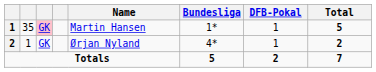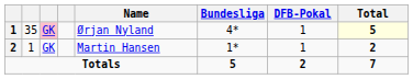 <table class="wikitable" style="text-align:center">
 <tr>
 <th width=15></th>
 <th width=15></th>
 <th width=15></th>
 <th width=15></th>
 <th width=145>Name</th>
 <th width=80><strong><a href='#'>Bundesliga</a></strong></th>
 <th width=80><strong><a href='#'>DFB-Pokal</a></strong></th>
 <th width=80>Total</th>
 </tr>
 <tr>
 <th>1</th>
 <td>35</td>
 <td style="background: pink;"><a href='#'>GK</a></td>
 <td></td>
-<td align=left><a href='#'>Martin Hansen</a></td>
-<td>1*</td>
+<td align=left><a href='#'>Ørjan Nyland</a></td>
+<td>4*</td>
 <td>1</td>
-<td><strong>5</strong></td>
+<td style="background: lightyellow;"><strong>5</strong></td>
 </tr>
 <tr>
 <th>2</th>
 <td>1</td>
 <td><a href='#'>GK</a></td>
 <td></td>
-<td align=left><a href='#'>Ørjan Nyland</a></td>
-<td>4*</td>
+<td align=left><a href='#'>Martin Hansen</a></td>
+<td>1*</td>
 <td>1</td>
 <td><strong>2</strong></td>
 </tr>
 <tr>
 <td colspan=5><strong>Totals</strong></td>
 <td><strong>5</strong></td>
 <td><strong>2</strong></td>
 <td><strong>7</strong></td>
 </tr>
 </table>
